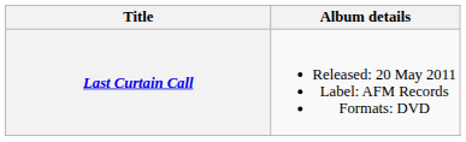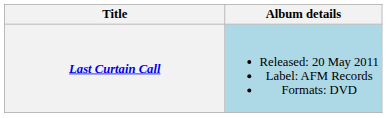 <table class="wikitable plainrowheaders" style="text-align:center;">
 <tr>
 <th scope="col" style="width:17em;">Title</th>
 <th scope="col">Album details</th>
 </tr>
 <tr>
 <th scope="row"><em><a href='#'>Last Curtain Call</a></em></th>
-<td><br><ul><li>Released: 20 May 2011</li><li>Label: AFM Records</li><li>Formats: DVD</li></ul></td>
+<td style="background: lightblue;"><br><ul><li>Released: 20 May 2011</li><li>Label: AFM Records</li><li>Formats: DVD</li></ul></td>
 </tr>
 </table>
